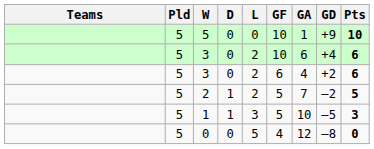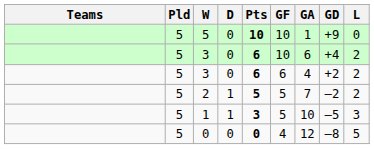 <table class="wikitable" style="text-align: center;">
 <tr>
 <th width=165>Teams</th>
 <th width=20>Pld</th>
 <th width=20>W</th>
 <th width=20>D</th>
-<th width=20>L</th>
+<th width=20>Pts</th>
 <th width=20>GF</th>
 <th width=20>GA</th>
 <th width=20>GD</th>
-<th width=20>Pts</th>
+<th width=20>L</th>
 </tr>
 <tr align=center style="background:#ccffcc;">
 <td style="text-align:left;"></td>
 <td>5</td>
 <td>5</td>
 <td>0</td>
-<td>0</td>
+<td><strong>10</strong></td>
 <td>10</td>
 <td>1</td>
 <td>+9</td>
-<td><strong>10</strong></td>
+<td>0</td>
 </tr>
 <tr align=center style="background:#ccffcc;">
 <td style="text-align:left;"></td>
 <td>5</td>
 <td>3</td>
 <td>0</td>
-<td>2</td>
+<td><strong>6</strong></td>
 <td>10</td>
 <td>6</td>
 <td>+4</td>
-<td><strong>6</strong></td>
+<td>2</td>
 </tr>
 <tr align=center>
 <td style="text-align:left;"></td>
 <td>5</td>
 <td>3</td>
 <td>0</td>
-<td>2</td>
+<td><strong>6</strong></td>
 <td>6</td>
 <td>4</td>
 <td>+2</td>
-<td><strong>6</strong></td>
+<td>2</td>
 </tr>
 <tr align=center>
 <td style="text-align:left;"></td>
 <td>5</td>
 <td>2</td>
 <td>1</td>
-<td>2</td>
+<td><strong>5</strong></td>
 <td>5</td>
 <td>7</td>
 <td>–2</td>
-<td><strong>5</strong></td>
+<td>2</td>
 </tr>
 <tr align=center>
 <td style="text-align:left;"></td>
 <td>5</td>
 <td>1</td>
 <td>1</td>
-<td>3</td>
+<td><strong>3</strong></td>
 <td>5</td>
 <td>10</td>
 <td>–5</td>
-<td><strong>3</strong></td>
+<td>3</td>
 </tr>
 <tr align=center>
 <td style="text-align:left;"></td>
 <td>5</td>
 <td>0</td>
 <td>0</td>
-<td>5</td>
+<td><strong>0</strong></td>
 <td>4</td>
 <td>12</td>
 <td>–8</td>
-<td><strong>0</strong></td>
+<td>5</td>
 </tr>
 </table>
